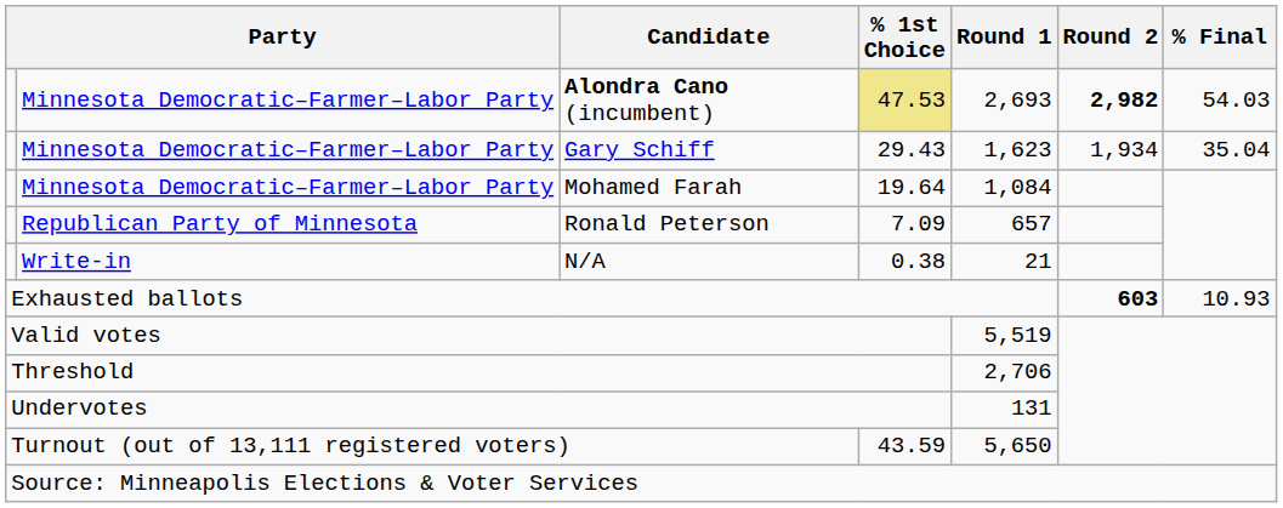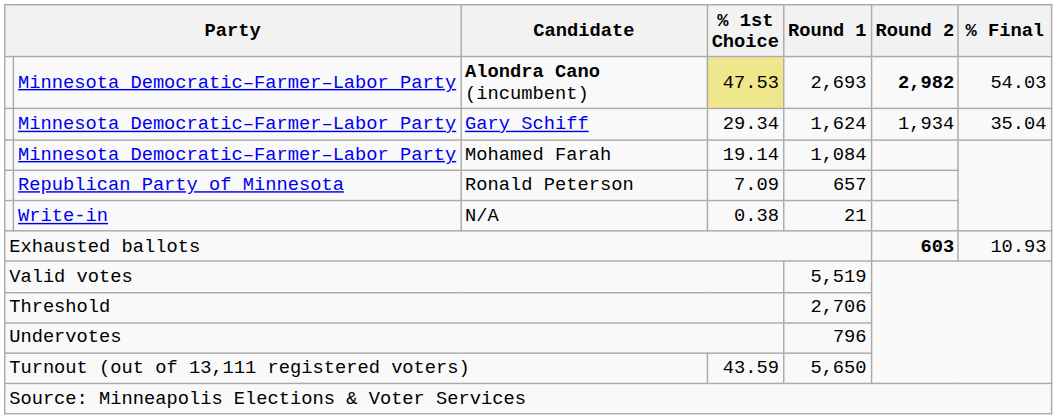 <table class="wikitable">
 <tr>
 <th colspan="2" style="width:290px">Party</th>
 <th style="width:165px">Candidate</th>
 <th>% 1st<br>Choice</th>
 <th>Round 1</th>
 <th>Round 2</th>
 <th style="width:58px;">% Final</th>
 </tr>
 <tr>
 <td style="background-color:"></td>
 <td><a href='#'>Minnesota Democratic–Farmer–Labor Party</a></td>
 <td><strong>Alondra Cano</strong> (incumbent)</td>
 <td align="right" style="background: khaki;">47.53</td>
 <td align="right">2,693</td>
 <td align="right"><strong>2,982</strong></td>
 <td align="right">54.03</td>
 </tr>
 <tr>
 <td style="background-color:"></td>
 <td><a href='#'>Minnesota Democratic–Farmer–Labor Party</a></td>
 <td><a href='#'>Gary Schiff</a></td>
-<td align="right">29.43</td>
-<td align="right">1,623</td>
+<td align="right">29.34</td>
+<td align="right">1,624</td>
 <td align="right">1,934</td>
 <td align="right">35.04</td>
 </tr>
 <tr>
 <td style="background-color:"></td>
 <td><a href='#'>Minnesota Democratic–Farmer–Labor Party</a></td>
 <td>Mohamed Farah</td>
-<td align="right">19.64</td>
+<td align="right">19.14</td>
 <td align="right">1,084</td>
 <td></td>
 <td rowspan="3"></td>
 </tr>
 <tr>
 <td style="background-color:"></td>
 <td><a href='#'>Republican Party of Minnesota</a></td>
 <td>Ronald Peterson</td>
 <td align="right">7.09</td>
 <td align="right">657</td>
 <td></td>
 </tr>
 <tr>
 <td style="background-color:"></td>
 <td><a href='#'>Write-in</a></td>
 <td>N/A</td>
 <td align="right">0.38</td>
 <td align="right">21</td>
 <td></td>
 </tr>
 <tr>
 <td colspan="5">Exhausted ballots</td>
 <td align="right"><strong>603</strong></td>
 <td align="right">10.93</td>
 </tr>
 <tr>
 <td colspan="4">Valid votes</td>
 <td align="right">5,519</td>
 <td colspan="2" rowspan="4"></td>
 </tr>
 <tr>
 <td colspan="4">Threshold</td>
 <td align="right">2,706</td>
 </tr>
 <tr>
 <td colspan="4">Undervotes</td>
-<td align="right">131</td>
+<td align="right">796</td>
 </tr>
 <tr>
 <td colspan="3">Turnout (out of 13,111 registered voters)</td>
 <td align="right">43.59</td>
 <td align="right">5,650</td>
 </tr>
 <tr>
 <td colspan="7">Source: Minneapolis Elections & Voter Services</td>
 </tr>
 </table>
